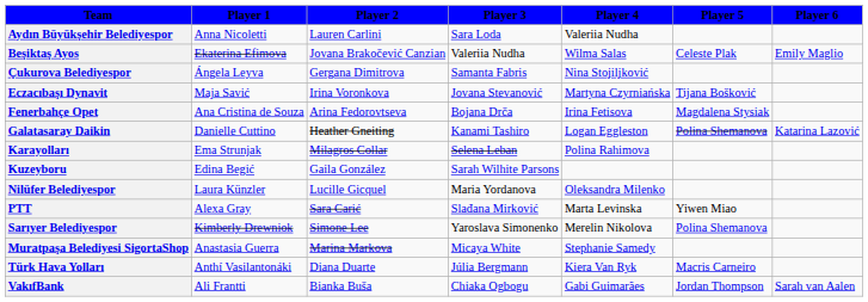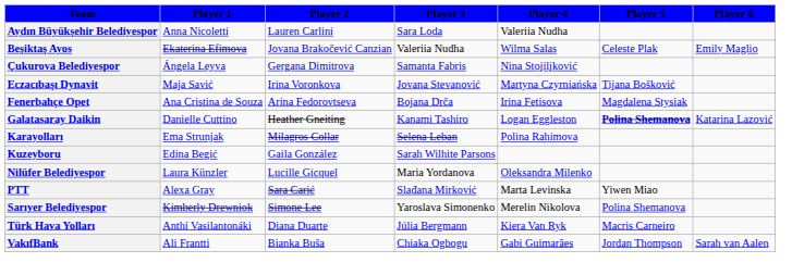 <table class="wikitable" style="font-size:%;100 width: 70%; text-align:left;">
 <tr>
 <th scope="col" style=background:blue><span><strong>Team</strong></span></th>
 <th scope="col" style=background:blue><span><strong>Player 1</strong></span></th>
 <th scope="col" style=background:blue><span><strong>Player 2</strong></span></th>
 <th scope="col" style=background:blue><span><strong>Player 3</strong></span></th>
 <th scope="col" style=background:blue><span><strong>Player 4</strong></span></th>
 <th scope="col" style=background:blue><span><strong>Player 5</strong></span></th>
 <th scope="col" style=background:blue><span><strong>Player 6</strong></span></th>
 </tr>
 <tr>
 <th scope="row" style=text-align:left><strong><a href='#'>Aydın Büyükşehir Belediyespor</a></strong></th>
 <td> <a href='#'>Anna Nicoletti</a></td>
 <td> <a href='#'>Lauren Carlini</a></td>
 <td> <a href='#'>Sara Loda</a></td>
 <td> Valeriia Nudha</td>
 <td></td>
 <td></td>
 </tr>
 <tr>
 <th scope="row" style=text-align:left><strong><a href='#'>Beşiktaş Ayos</a></strong></th>
 <td> <s><a href='#'>Ekaterina Efimova</a></s></td>
 <td> <a href='#'>Jovana Brakočević Canzian</a></td>
 <td> Valeriia Nudha</td>
 <td> <a href='#'>Wilma Salas</a></td>
 <td> <a href='#'>Celeste Plak</a></td>
 <td> <a href='#'>Emily Maglio</a></td>
 </tr>
 <tr>
 <th scope="row" style=text-align:left><strong><a href='#'>Çukurova Belediyespor</a></strong></th>
 <td> <a href='#'>Ángela Leyva</a></td>
 <td> <a href='#'>Gergana Dimitrova</a></td>
 <td> <a href='#'>Samanta Fabris</a></td>
 <td> <a href='#'>Nina Stojiljković</a></td>
 <td></td>
 <td></td>
 </tr>
 <tr>
 <th scope="row" style=text-align:left><a href='#'>Eczacıbaşı Dynavit</a></th>
 <td> <a href='#'>Maja Savić</a></td>
 <td> <a href='#'>Irina Voronkova</a></td>
 <td> <a href='#'>Jovana Stevanović</a></td>
 <td> <a href='#'>Martyna Czyrniańska</a></td>
 <td> <a href='#'>Tijana Bošković</a></td>
 <td></td>
 </tr>
 <tr>
 <th scope="row" style=text-align:left><a href='#'>Fenerbahçe Opet</a></th>
 <td> <a href='#'>Ana Cristina de Souza</a></td>
 <td> <a href='#'>Arina Fedorovtseva</a></td>
 <td> <a href='#'>Bojana Drča</a></td>
 <td> <a href='#'>Irina Fetisova</a></td>
 <td> <a href='#'>Magdalena Stysiak</a></td>
 <td></td>
 </tr>
 <tr>
 <th scope="row" style=text-align:left><strong><a href='#'>Galatasaray Daikin</a></strong></th>
 <td> <a href='#'>Danielle Cuttino</a></td>
 <td> <s>Heather Gneiting</s></td>
 <td> <a href='#'>Kanami Tashiro</a></td>
 <td> <a href='#'>Logan Eggleston</a></td>
-<td> <s><a href='#'>Polina Shemanova</a></s></td>
+<td><strong> <s><a href='#'>Polina Shemanova</a></s></strong></td>
 <td> <a href='#'>Katarina Lazović</a></td>
 </tr>
 <tr>
 <th scope="row" style=text-align:left><strong><a href='#'>Karayolları</a></strong></th>
 <td> <a href='#'>Ema Strunjak</a></td>
 <td> <s><a href='#'>Milagros Collar</a></s></td>
 <td> <s><a href='#'>Selena Leban</a></s></td>
 <td> <a href='#'>Polina Rahimova</a></td>
 <td></td>
 <td></td>
 </tr>
 <tr>
 <th scope="row" style=text-align:left><strong><a href='#'>Kuzeyboru</a></strong></th>
 <td> <a href='#'>Edina Begić</a></td>
 <td> <a href='#'>Gaila González</a></td>
 <td> <a href='#'>Sarah Wilhite Parsons</a></td>
 <td></td>
 <td></td>
 <td></td>
 </tr>
 <tr>
 <th scope="row" style=text-align:left><strong><a href='#'>Nilüfer Belediyespor</a></strong></th>
 <td> <a href='#'>Laura Künzler</a></td>
 <td> <a href='#'>Lucille Gicquel</a></td>
 <td> Maria Yordanova</td>
 <td> <a href='#'>Oleksandra Milenko</a></td>
 <td></td>
 <td></td>
 </tr>
 <tr>
 <th scope="row" style=text-align:left><strong><a href='#'>PTT</a></strong></th>
 <td> <a href='#'>Alexa Gray</a></td>
 <td> <s><a href='#'>Sara Carić</a></s></td>
 <td> <a href='#'>Slađana Mirković</a></td>
 <td> Marta Levinska</td>
 <td> Yiwen Miao</td>
 <td></td>
 </tr>
 <tr>
 <th scope="row" style=text-align:left><strong><a href='#'>Sarıyer Belediyespor</a></strong></th>
 <td> <s><a href='#'>Kimberly Drewniok</a></s></td>
 <td> <s><a href='#'>Simone Lee</a></s></td>
 <td> Yaroslava Simonenko</td>
 <td> Merelin Nikolova</td>
 <td> <a href='#'>Polina Shemanova</a></td>
 <td></td>
 </tr>
 <tr>
-<th scope="row" style=text-align:left><strong><a href='#'>Muratpaşa Belediyesi SigortaShop</a></strong></th>
-<td> <a href='#'>Anastasia Guerra</a></td>
-<td> <s><a href='#'>Marina Markova</a></s></td>
-<td> <a href='#'>Micaya White</a></td>
-<td> <a href='#'>Stephanie Samedy</a></td>
-<td></td>
-<td></td>
-</tr>
-<tr>
 <th scope="row" style=text-align:left><strong><a href='#'>Türk Hava Yolları</a></strong></th>
 <td> <a href='#'>Anthí Vasilantonáki</a></td>
 <td> <a href='#'>Diana Duarte</a></td>
 <td> <a href='#'>Júlia Bergmann</a></td>
 <td> <a href='#'>Kiera Van Ryk</a></td>
 <td> <a href='#'>Macris Carneiro</a></td>
 <td></td>
 </tr>
 <tr>
 <th scope="row" style=text-align:left><strong><a href='#'>VakıfBank</a></strong></th>
 <td> <a href='#'>Ali Frantti</a></td>
 <td> <a href='#'>Bianka Buša</a></td>
 <td> <a href='#'>Chiaka Ogbogu</a></td>
 <td> <a href='#'>Gabi Guimarães</a></td>
 <td> <a href='#'>Jordan Thompson</a></td>
 <td> <a href='#'>Sarah van Aalen</a></td>
 </tr>
 </table>
